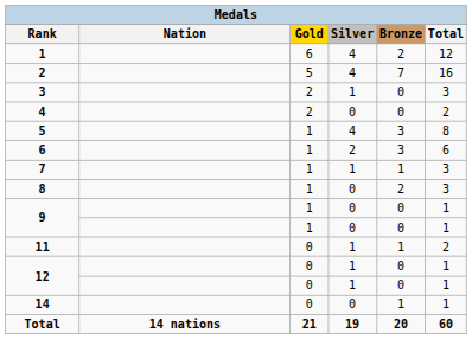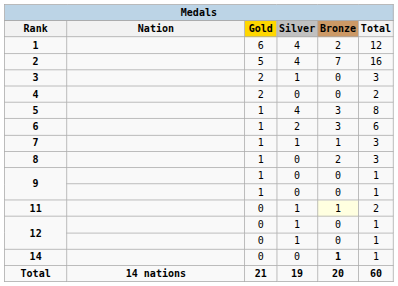 <table class="wikitable" style="text-align:center">
 <tr>
 <td colspan="6" style="background:#BCD4E6"><strong>Medals</strong></td>
 </tr>
 <tr>
 </tr>
 <tr style="background-color:#EDEDED;">
 <th width="75px" class="hintergrundfarbe5">Rank</th>
 <th width="225px" class="hintergrundfarbe6">Nation</th>
 <th style="background:    gold; width:35px ">Gold</th>
 <th style="background:  silver; width:35px ">Silver</th>
 <th style="background: #CC9966; width:35px ">Bronze</th>
 <th width="35px">Total</th>
 </tr>
 <tr>
 <td><strong>1</strong></td>
 <td align=left></td>
 <td>6</td>
 <td>4</td>
 <td>2</td>
 <td>12</td>
 </tr>
 <tr>
 <td><strong>2</strong></td>
 <td align=left></td>
 <td>5</td>
 <td>4</td>
 <td>7</td>
 <td>16</td>
 </tr>
 <tr>
 <td><strong>3</strong></td>
 <td align=left></td>
 <td>2</td>
 <td>1</td>
 <td>0</td>
 <td>3</td>
 </tr>
 <tr>
 <td><strong>4</strong></td>
 <td align=left><em></em></td>
 <td>2</td>
 <td>0</td>
 <td>0</td>
 <td>2</td>
 </tr>
 <tr>
 <td><strong>5</strong></td>
 <td align=left></td>
 <td>1</td>
 <td>4</td>
 <td>3</td>
 <td>8</td>
 </tr>
 <tr>
 <td><strong>6</strong></td>
 <td align=left></td>
 <td>1</td>
 <td>2</td>
 <td>3</td>
 <td>6</td>
 </tr>
 <tr>
 <td><strong>7</strong></td>
 <td align=left></td>
 <td>1</td>
 <td>1</td>
 <td>1</td>
 <td>3</td>
 </tr>
 <tr>
 <td><strong>8</strong></td>
 <td align=left></td>
 <td>1</td>
 <td>0</td>
 <td>2</td>
 <td>3</td>
 </tr>
 <tr>
 <td rowspan=2><strong>9</strong></td>
 <td align=left></td>
 <td>1</td>
 <td>0</td>
 <td>0</td>
 <td>1</td>
 </tr>
 <tr>
 <td align=left><em></em></td>
 <td>1</td>
 <td>0</td>
 <td>0</td>
 <td>1</td>
 </tr>
 <tr>
 <td><strong>11</strong></td>
 <td align=left></td>
 <td>0</td>
 <td>1</td>
-<td>1</td>
+<td style="background: lightyellow;">1</td>
 <td>2</td>
 </tr>
 <tr>
 <td rowspan=2><strong>12</strong></td>
 <td align=left></td>
 <td>0</td>
 <td>1</td>
 <td>0</td>
 <td>1</td>
 </tr>
 <tr>
 <td align=left></td>
 <td>0</td>
 <td>1</td>
 <td>0</td>
 <td>1</td>
 </tr>
 <tr>
 <td><strong>14</strong></td>
 <td align=left><em></em></td>
 <td>0</td>
 <td>0</td>
-<td>1</td>
+<td><strong>1</strong></td>
 <td>1</td>
 </tr>
 <tr>
 <td><strong>Total</strong></td>
 <td><strong>14 nations</strong></td>
 <td><strong>21</strong></td>
 <td><strong>19</strong></td>
 <td><strong>20</strong></td>
 <td><strong>60</strong></td>
 </tr>
 </table>
